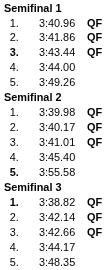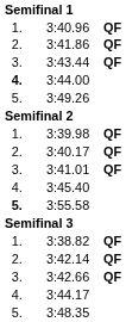 <table style="text-align:center">
 <tr>
 <td colspan=4 align=left><strong>Semifinal 1</strong></td>
 </tr>
 <tr>
 <td width=30>1.</td>
 <td align=left></td>
 <td width=80>3:40.96</td>
 <td><strong>QF</strong></td>
 </tr>
 <tr>
 <td>2.</td>
 <td align=left></td>
 <td>3:41.86</td>
 <td><strong>QF</strong></td>
 </tr>
 <tr>
-<td><strong>3.</strong></td>
+<td>3.</td>
 <td align=left></td>
 <td>3:43.44</td>
 <td><strong>QF</strong></td>
 </tr>
 <tr>
-<td>4.</td>
+<td><strong>4.</strong></td>
 <td align=left></td>
 <td>3:44.00</td>
 <td></td>
 </tr>
 <tr>
 <td>5.</td>
 <td align=left></td>
 <td>3:49.26</td>
 <td></td>
 </tr>
 <tr>
 <td colspan=4 align=left><strong>Semifinal 2</strong></td>
 </tr>
 <tr>
 <td>1.</td>
 <td align=left></td>
 <td>3:39.98</td>
 <td><strong>QF</strong></td>
 </tr>
 <tr>
 <td>2.</td>
 <td align=left></td>
 <td>3:40.17</td>
 <td><strong>QF</strong></td>
 </tr>
 <tr>
 <td>3.</td>
 <td align=left></td>
 <td>3:41.01</td>
 <td><strong>QF</strong></td>
 </tr>
 <tr>
 <td>4.</td>
 <td align=left></td>
 <td>3:45.40</td>
 <td></td>
 </tr>
 <tr>
 <td><strong>5.</strong></td>
 <td align=left></td>
 <td>3:55.58</td>
 <td></td>
 </tr>
 <tr>
 <td colspan=4 align=left><strong>Semifinal 3</strong></td>
 </tr>
 <tr>
-<td><strong>1.</strong></td>
+<td>1.</td>
 <td align=left></td>
 <td>3:38.82</td>
 <td><strong>QF</strong></td>
 </tr>
 <tr>
 <td>2.</td>
 <td align=left></td>
 <td>3:42.14</td>
 <td><strong>QF</strong></td>
 </tr>
 <tr>
 <td>3.</td>
 <td align=left></td>
 <td>3:42.66</td>
 <td><strong>QF</strong></td>
 </tr>
 <tr>
 <td>4.</td>
 <td align=left></td>
 <td>3:44.17</td>
 <td></td>
 </tr>
 <tr>
 <td>5.</td>
 <td align=left></td>
 <td>3:48.35</td>
 <td></td>
 </tr>
 </table>
